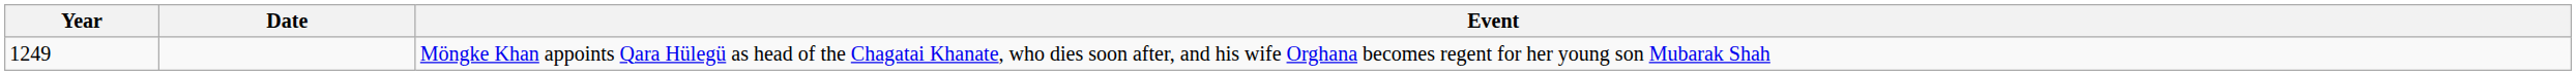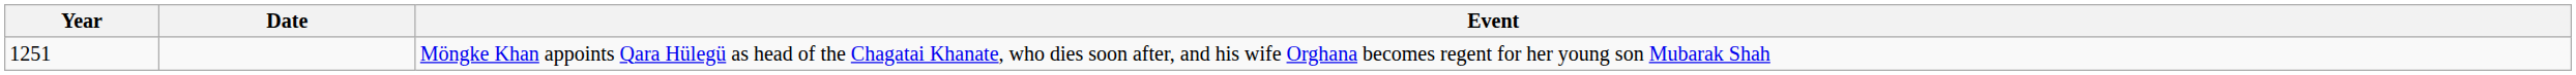 <table class="wikitable" width="100%">
 <tr>
 <th style="width:6%">Year</th>
 <th style="width:10%">Date</th>
 <th>Event</th>
 </tr>
 <tr>
-<td>1249</td>
+<td>1251</td>
 <td></td>
 <td><a href='#'>Möngke Khan</a> appoints <a href='#'>Qara Hülegü</a> as head of the <a href='#'>Chagatai Khanate</a>, who dies soon after, and his wife <a href='#'>Orghana</a> becomes regent for her young son <a href='#'>Mubarak Shah</a></td>
 </tr>
 </table>
